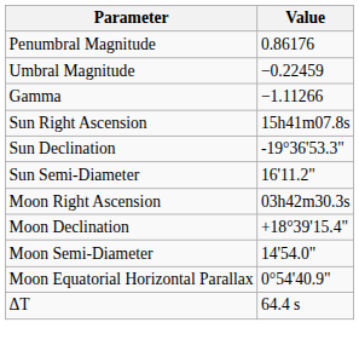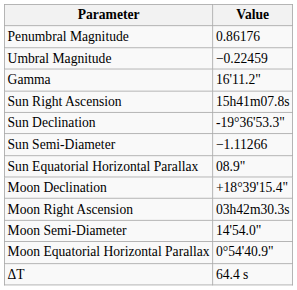 <table class="wikitable">
 <tr>
 <th>Parameter</th>
 <th>Value</th>
 </tr>
 <tr>
 <td>Penumbral Magnitude</td>
 <td>0.86176</td>
 </tr>
 <tr>
 <td>Umbral Magnitude</td>
 <td>−0.22459</td>
 </tr>
 <tr>
 <td>Gamma</td>
-<td>−1.11266</td>
+<td>16'11.2"</td>
 </tr>
 <tr>
 <td>Sun Right Ascension</td>
 <td>15h41m07.8s</td>
 </tr>
 <tr>
 <td>Sun Declination</td>
 <td>-19°36'53.3"</td>
 </tr>
 <tr>
 <td>Sun Semi-Diameter</td>
-<td>16'11.2"</td>
+<td>−1.11266</td>
+</tr>
+<tr>
+<td>Sun Equatorial Horizontal Parallax</td>
+<td>08.9"</td>
+</tr>
+<tr>
+<td>Moon Declination</td>
+<td>+18°39'15.4"</td>
 </tr>
 <tr>
 <td>Moon Right Ascension</td>
 <td>03h42m30.3s</td>
-</tr>
-<tr>
-<td>Moon Declination</td>
-<td>+18°39'15.4"</td>
 </tr>
 <tr>
 <td>Moon Semi-Diameter</td>
 <td>14'54.0"</td>
 </tr>
 <tr>
 <td>Moon Equatorial Horizontal Parallax</td>
 <td>0°54'40.9"</td>
 </tr>
 <tr>
 <td>ΔT</td>
 <td>64.4 s</td>
 </tr>
 </table>
